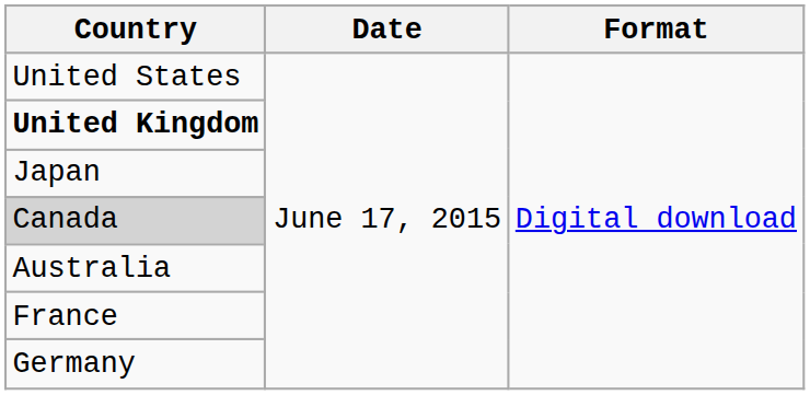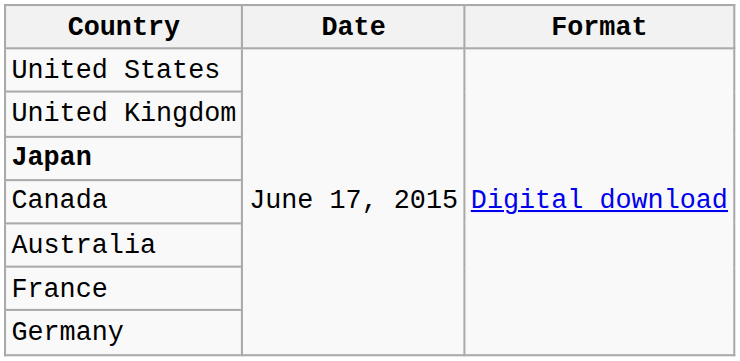 <table class="wikitable plainrowheaders">
 <tr>
 <th scope="col">Country</th>
 <th scope="col">Date</th>
 <th scope="col">Format</th>
 </tr>
 <tr>
 <td>United States</td>
 <td rowspan="7">June 17, 2015</td>
 <td rowspan="7"><a href='#'>Digital download</a></td>
 </tr>
 <tr>
-<td><strong>United Kingdom</strong></td>
+<td>United Kingdom</td>
 </tr>
 <tr>
-<td>Japan</td>
+<td><strong>Japan</strong></td>
 </tr>
 <tr>
-<td style="background: lightgrey;">Canada</td>
+<td>Canada</td>
 </tr>
 <tr>
 <td>Australia</td>
 </tr>
 <tr>
 <td>France</td>
 </tr>
 <tr>
 <td>Germany</td>
 </tr>
 </table>
